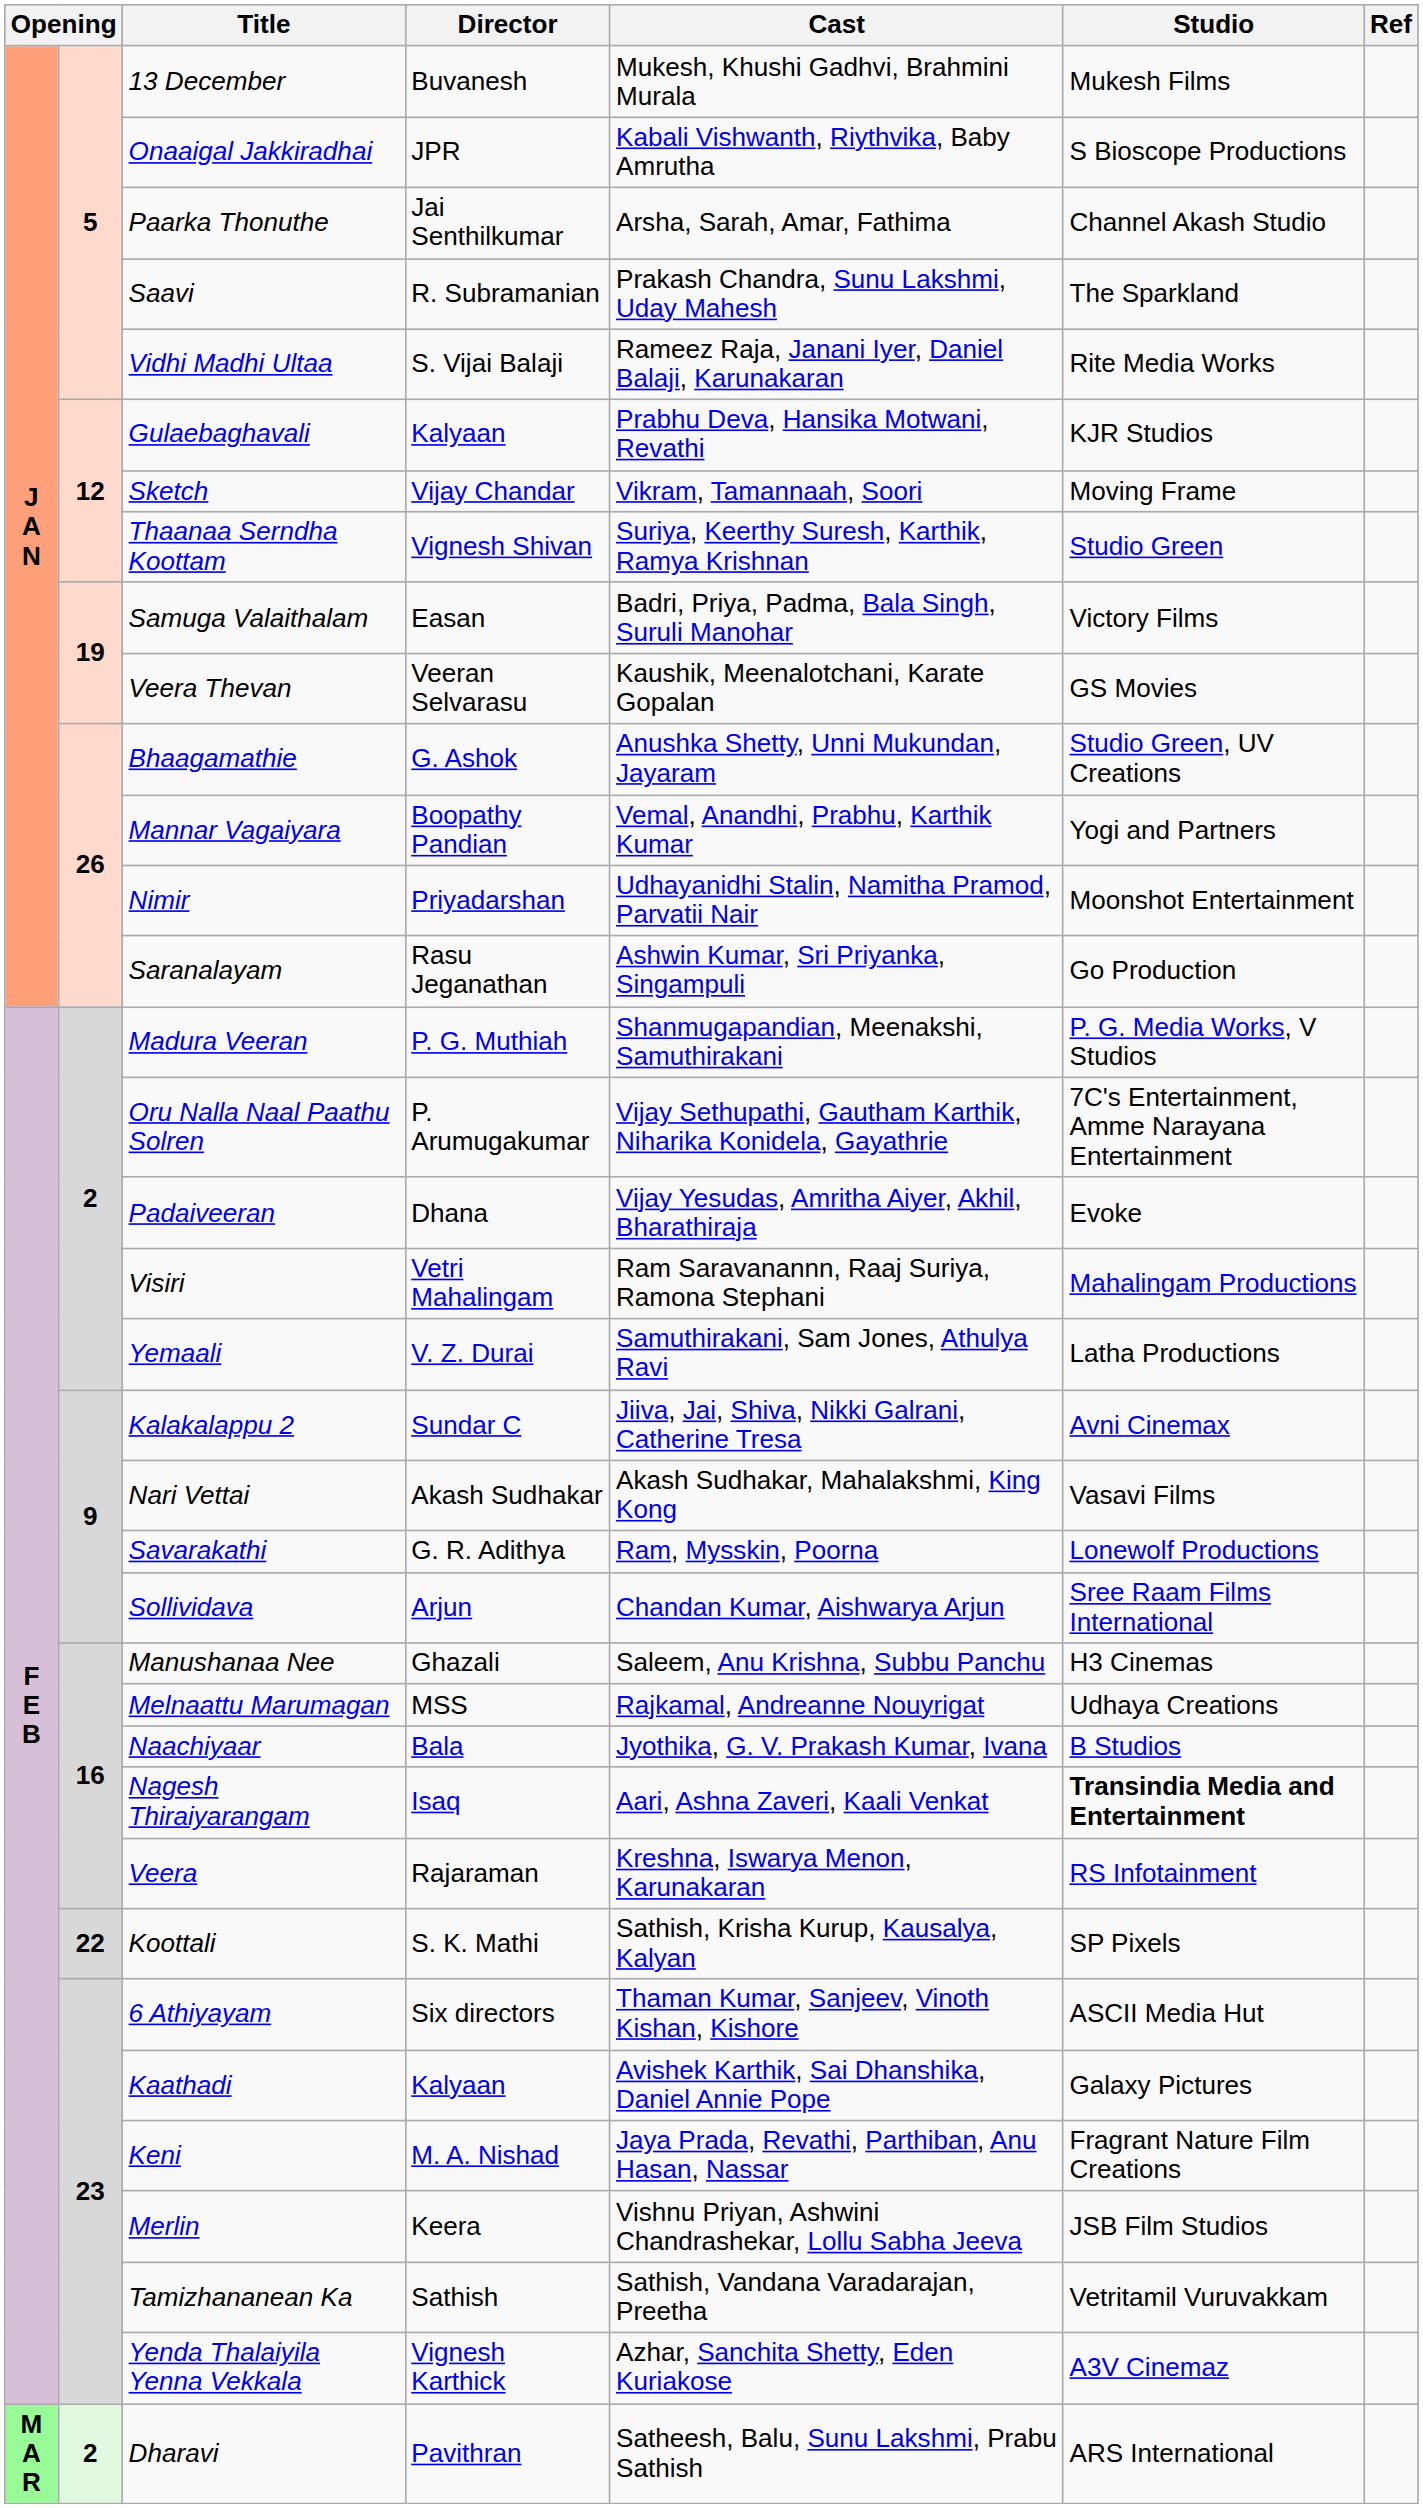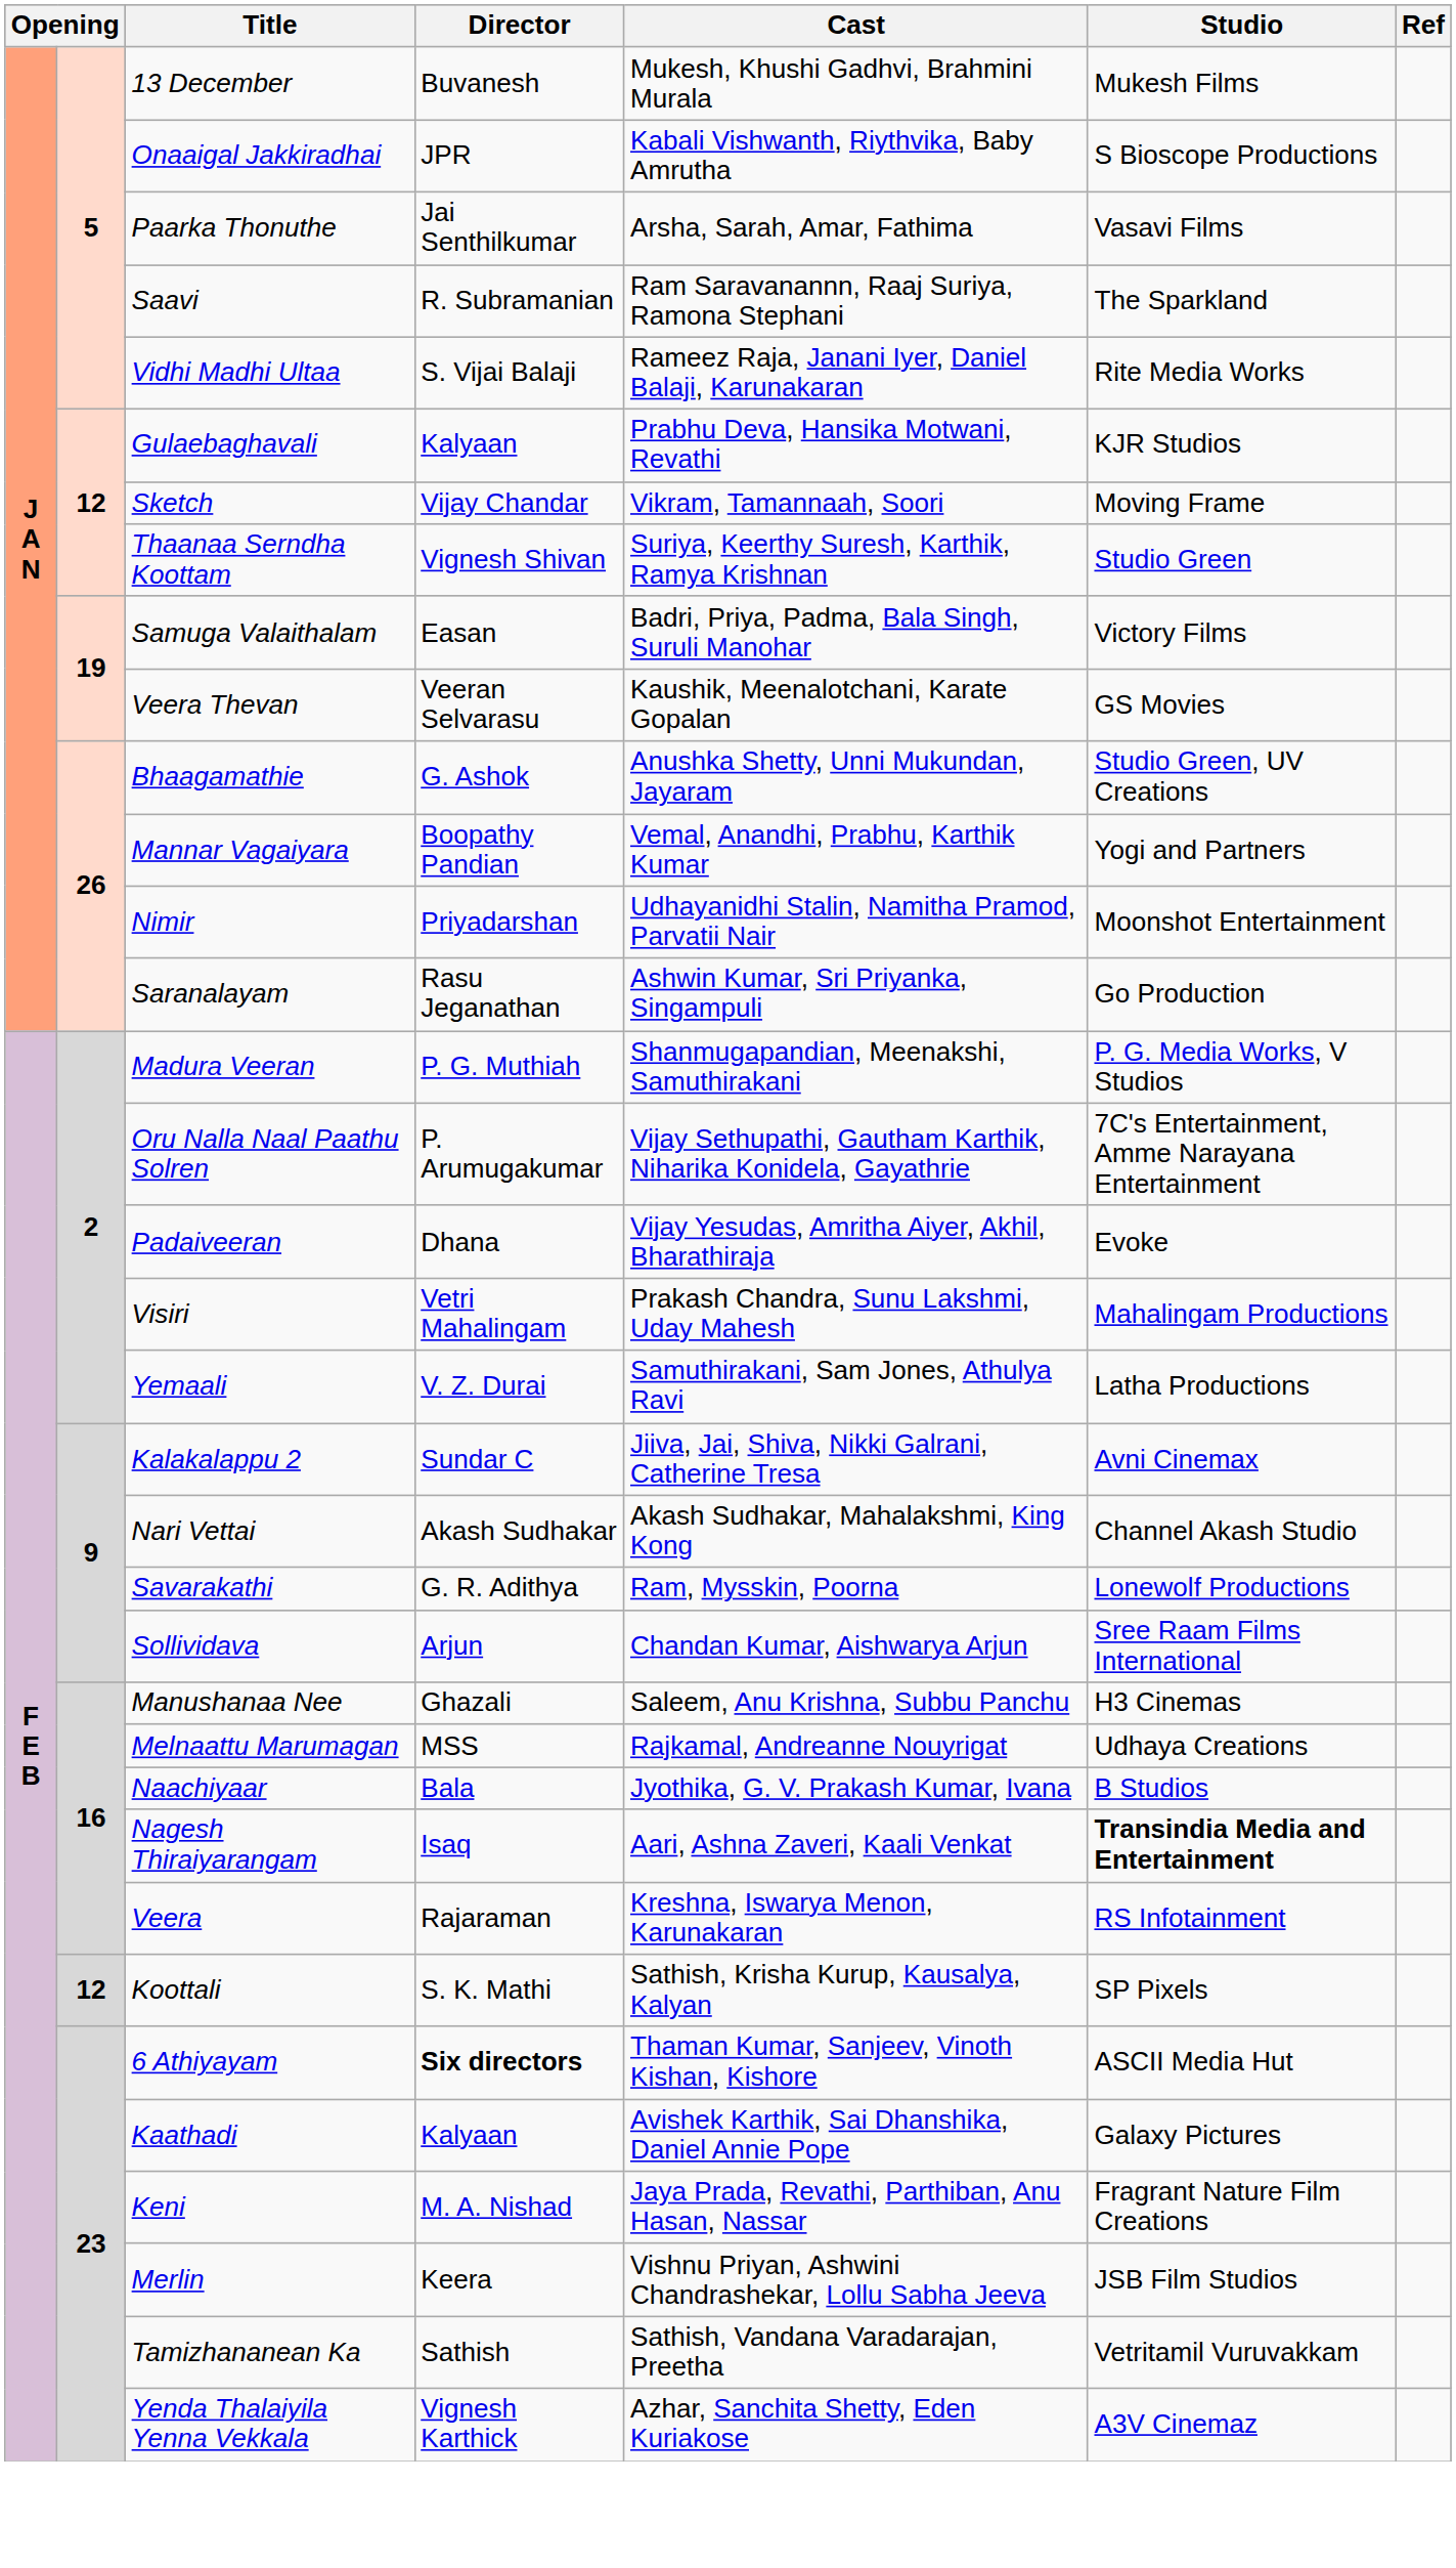 <table class="wikitable sortable">
 <tr style="background">
 <th colspan="2">Opening</th>
 <th style="width:20%;">Title</th>
 <th>Director</th>
 <th>Cast</th>
 <th>Studio</th>
 <th>Ref</th>
 </tr>
 <tr January!>
 <td rowspan="14" style="text-align:center; background:#ffa07a; textcolor:#000;"><strong>J<br>A<br>N</strong></td>
 <td rowspan="5" style="text-align:center; background:#ffdacc;"><strong>5</strong></td>
 <td><em>13 December</em></td>
 <td>Buvanesh</td>
 <td>Mukesh, Khushi Gadhvi, Brahmini Murala</td>
 <td>Mukesh Films</td>
 <td></td>
 </tr>
 <tr>
 <td><em><a href='#'>Onaaigal Jakkiradhai</a></em></td>
 <td>JPR</td>
 <td><a href='#'>Kabali Vishwanth</a>, <a href='#'>Riythvika</a>, Baby Amrutha</td>
 <td>S Bioscope Productions</td>
 <td></td>
 </tr>
 <tr>
 <td><em>Paarka Thonuthe</em></td>
 <td>Jai Senthilkumar</td>
 <td>Arsha, Sarah, Amar, Fathima</td>
-<td>Channel Akash Studio</td>
+<td>Vasavi Films</td>
 <td></td>
 </tr>
 <tr>
 <td><em>Saavi</em></td>
 <td>R. Subramanian</td>
-<td>Prakash Chandra, <a href='#'>Sunu Lakshmi</a>, <a href='#'>Uday Mahesh</a></td>
+<td>Ram Saravanannn, Raaj Suriya, Ramona Stephani</td>
 <td>The Sparkland</td>
 <td></td>
 </tr>
 <tr>
 <td><em><a href='#'>Vidhi Madhi Ultaa</a></em></td>
 <td>S. Vijai Balaji</td>
 <td>Rameez Raja, <a href='#'>Janani Iyer</a>, <a href='#'>Daniel Balaji</a>, <a href='#'>Karunakaran</a></td>
 <td>Rite Media Works</td>
 <td></td>
 </tr>
 <tr>
 <td rowspan="3" style="text-align:center; background:#ffdacc;"><strong>12</strong></td>
 <td><em><a href='#'>Gulaebaghavali</a></em></td>
 <td><a href='#'>Kalyaan</a></td>
 <td><a href='#'>Prabhu Deva</a>, <a href='#'>Hansika Motwani</a>, <a href='#'>Revathi</a></td>
 <td>KJR Studios</td>
 <td></td>
 </tr>
 <tr>
 <td><em><a href='#'>Sketch</a></em></td>
 <td><a href='#'>Vijay Chandar</a></td>
 <td><a href='#'>Vikram</a>, <a href='#'>Tamannaah</a>, <a href='#'>Soori</a></td>
 <td>Moving Frame</td>
 <td></td>
 </tr>
 <tr>
 <td><em><a href='#'>Thaanaa Serndha Koottam</a></em></td>
 <td><a href='#'>Vignesh Shivan</a></td>
 <td><a href='#'>Suriya</a>, <a href='#'>Keerthy Suresh</a>, <a href='#'>Karthik</a>, <a href='#'>Ramya Krishnan</a></td>
 <td><a href='#'>Studio Green</a></td>
 <td></td>
 </tr>
 <tr>
 <td rowspan="2" style="text-align:center; background:#ffdacc;"><strong>19</strong></td>
 <td><em>Samuga Valaithalam</em></td>
 <td>Easan</td>
 <td>Badri, Priya, Padma, <a href='#'>Bala Singh</a>, <a href='#'>Suruli Manohar</a></td>
 <td>Victory  Films</td>
 <td></td>
 </tr>
 <tr>
 <td><em>Veera Thevan</em></td>
 <td>Veeran Selvarasu</td>
 <td>Kaushik, Meenalotchani, Karate Gopalan</td>
 <td>GS Movies</td>
 <td></td>
 </tr>
 <tr>
 <td rowspan="4" style="text-align:center; background:#ffdacc;"><strong>26</strong></td>
 <td><em><a href='#'>Bhaagamathie</a></em></td>
 <td><a href='#'>G. Ashok</a></td>
 <td><a href='#'>Anushka Shetty</a>, <a href='#'>Unni Mukundan</a>, <a href='#'>Jayaram</a></td>
 <td><a href='#'>Studio Green</a>, UV Creations</td>
 <td></td>
 </tr>
 <tr>
 <td><em><a href='#'>Mannar Vagaiyara</a></em></td>
 <td><a href='#'>Boopathy Pandian</a></td>
 <td><a href='#'>Vemal</a>, <a href='#'>Anandhi</a>, <a href='#'>Prabhu</a>, <a href='#'>Karthik Kumar</a></td>
 <td>Yogi and Partners</td>
 <td></td>
 </tr>
 <tr>
 <td><em><a href='#'>Nimir</a></em></td>
 <td><a href='#'>Priyadarshan</a></td>
 <td><a href='#'>Udhayanidhi Stalin</a>, <a href='#'>Namitha Pramod</a>, <a href='#'>Parvatii Nair</a></td>
 <td>Moonshot Entertainment</td>
 <td></td>
 </tr>
 <tr>
 <td><em>Saranalayam</em></td>
 <td>Rasu Jeganathan</td>
 <td><a href='#'>Ashwin Kumar</a>, <a href='#'>Sri Priyanka</a>, <a href='#'>Singampuli</a></td>
 <td>Go Production</td>
 <td></td>
 </tr>
 <tr February !>
 <td rowspan="21" style="text-align:center; background:thistle; textcolor:#000;"><strong>F<br>E<br>B</strong></td>
 <td rowspan="5" style="text-align:center; background:#d8d8d8;"><strong>2</strong></td>
 <td><em><a href='#'>Madura Veeran</a></em></td>
 <td><a href='#'>P. G. Muthiah</a></td>
 <td><a href='#'>Shanmugapandian</a>, Meenakshi, <a href='#'>Samuthirakani</a></td>
 <td><a href='#'>P. G. Media Works</a>, V Studios</td>
 <td></td>
 </tr>
 <tr>
 <td><em><a href='#'>Oru Nalla Naal Paathu Solren</a></em></td>
 <td>P. Arumugakumar</td>
 <td><a href='#'>Vijay Sethupathi</a>, <a href='#'>Gautham Karthik</a>, <a href='#'>Niharika Konidela</a>, <a href='#'>Gayathrie</a></td>
 <td>7C's Entertainment,<br>Amme Narayana Entertainment</td>
 <td></td>
 </tr>
 <tr>
 <td><em><a href='#'>Padaiveeran</a></em></td>
 <td>Dhana</td>
 <td><a href='#'>Vijay Yesudas</a>, <a href='#'>Amritha Aiyer</a>, <a href='#'>Akhil</a>, <a href='#'>Bharathiraja</a></td>
 <td>Evoke</td>
 <td></td>
 </tr>
 <tr>
 <td><em>Visiri</em></td>
 <td><a href='#'>Vetri Mahalingam</a></td>
-<td>Ram Saravanannn, Raaj Suriya, Ramona Stephani</td>
+<td>Prakash Chandra, <a href='#'>Sunu Lakshmi</a>, <a href='#'>Uday Mahesh</a></td>
 <td><a href='#'>Mahalingam Productions</a></td>
 <td></td>
 </tr>
 <tr>
 <td><em><a href='#'>Yemaali</a></em></td>
 <td><a href='#'>V. Z. Durai</a></td>
 <td><a href='#'>Samuthirakani</a>, Sam Jones, <a href='#'>Athulya Ravi</a></td>
 <td>Latha Productions</td>
 <td></td>
 </tr>
 <tr>
 <td rowspan="4" style="text-align:center; background:#d8d8d8;"><strong>9</strong></td>
 <td><em><a href='#'>Kalakalappu 2</a></em></td>
 <td><a href='#'>Sundar C</a></td>
 <td><a href='#'>Jiiva</a>, <a href='#'>Jai</a>, <a href='#'>Shiva</a>, <a href='#'>Nikki Galrani</a>, <a href='#'>Catherine Tresa</a></td>
 <td><a href='#'>Avni Cinemax</a></td>
 <td></td>
 </tr>
 <tr>
 <td><em>Nari Vettai</em></td>
 <td>Akash Sudhakar</td>
 <td>Akash Sudhakar, Mahalakshmi, <a href='#'>King Kong</a></td>
-<td>Vasavi Films</td>
+<td>Channel Akash Studio</td>
 <td></td>
 </tr>
 <tr>
 <td><em><a href='#'>Savarakathi</a></em></td>
 <td>G. R. Adithya</td>
 <td><a href='#'>Ram</a>, <a href='#'>Mysskin</a>, <a href='#'>Poorna</a></td>
 <td><a href='#'>Lonewolf Productions</a></td>
 <td></td>
 </tr>
 <tr>
 <td><em><a href='#'>Sollividava</a></em></td>
 <td><a href='#'>Arjun</a></td>
 <td><a href='#'>Chandan Kumar</a>, <a href='#'>Aishwarya Arjun</a></td>
 <td><a href='#'>Sree Raam Films International</a></td>
 <td></td>
 </tr>
 <tr>
 <td rowspan="5" style="text-align:center; background:#d8d8d8;"><strong>16</strong></td>
 <td><em>Manushanaa Nee</em></td>
 <td>Ghazali</td>
 <td>Saleem, <a href='#'>Anu Krishna</a>, <a href='#'>Subbu Panchu</a></td>
 <td>H3 Cinemas</td>
 <td></td>
 </tr>
 <tr>
 <td><em><a href='#'>Melnaattu Marumagan</a></em></td>
 <td>MSS</td>
 <td><a href='#'>Rajkamal</a>, <a href='#'>Andreanne Nouyrigat</a></td>
 <td>Udhaya Creations</td>
 <td></td>
 </tr>
 <tr>
 <td><em><a href='#'>Naachiyaar</a></em></td>
 <td><a href='#'>Bala</a></td>
 <td><a href='#'>Jyothika</a>, <a href='#'>G. V. Prakash Kumar</a>, <a href='#'>Ivana</a></td>
 <td><a href='#'>B Studios</a></td>
 <td></td>
 </tr>
 <tr>
 <td><em><a href='#'>Nagesh Thiraiyarangam</a></em></td>
 <td><a href='#'>Isaq</a></td>
 <td><a href='#'>Aari</a>, <a href='#'>Ashna Zaveri</a>, <a href='#'>Kaali Venkat</a></td>
 <td><strong>Transindia Media and Entertainment</strong></td>
 <td></td>
 </tr>
 <tr>
 <td><em><a href='#'>Veera</a></em></td>
 <td>Rajaraman</td>
 <td><a href='#'>Kreshna</a>, <a href='#'>Iswarya Menon</a>, <a href='#'>Karunakaran</a></td>
 <td><a href='#'>RS Infotainment</a></td>
 <td></td>
 </tr>
 <tr>
-<td rowspan="1" style="text-align:center; background:#d8d8d8;"><strong>22</strong></td>
+<td rowspan="1" style="text-align:center; background:#d8d8d8;"><strong>12</strong></td>
 <td><em>Koottali</em></td>
 <td>S. K. Mathi</td>
 <td>Sathish, Krisha Kurup, <a href='#'>Kausalya</a>, <a href='#'>Kalyan</a></td>
 <td>SP Pixels</td>
 <td></td>
 </tr>
 <tr>
 <td rowspan="6" style="text-align:center; background:#d8d8d8;"><strong>23</strong></td>
 <td><em><a href='#'>6 Athiyayam</a></em></td>
-<td>Six directors</td>
+<td><strong>Six directors</strong></td>
 <td><a href='#'>Thaman Kumar</a>, <a href='#'>Sanjeev</a>, <a href='#'>Vinoth Kishan</a>, <a href='#'>Kishore</a></td>
 <td>ASCII Media Hut</td>
 <td></td>
 </tr>
 <tr>
 <td><em><a href='#'>Kaathadi</a></em></td>
 <td><a href='#'>Kalyaan</a></td>
 <td><a href='#'>Avishek Karthik</a>, <a href='#'>Sai Dhanshika</a>, <a href='#'>Daniel Annie Pope</a></td>
 <td>Galaxy Pictures</td>
 <td></td>
 </tr>
 <tr>
 <td><em><a href='#'>Keni</a></em></td>
 <td><a href='#'>M. A. Nishad</a></td>
 <td><a href='#'>Jaya Prada</a>, <a href='#'>Revathi</a>, <a href='#'>Parthiban</a>, <a href='#'>Anu Hasan</a>, <a href='#'>Nassar</a></td>
 <td>Fragrant Nature Film Creations</td>
 <td></td>
 </tr>
 <tr>
 <td><em><a href='#'>Merlin</a></em></td>
 <td>Keera</td>
 <td>Vishnu Priyan, Ashwini Chandrashekar, <a href='#'>Lollu Sabha Jeeva</a></td>
 <td>JSB Film Studios</td>
 <td></td>
 </tr>
 <tr>
 <td><em>Tamizhananean Ka</em></td>
 <td>Sathish</td>
 <td>Sathish, Vandana Varadarajan, Preetha</td>
 <td>Vetritamil Vuruvakkam</td>
 <td></td>
 </tr>
 <tr>
 <td><em><a href='#'>Yenda Thalaiyila Yenna Vekkala</a></em></td>
 <td><a href='#'>Vignesh Karthick</a></td>
 <td>Azhar, <a href='#'>Sanchita Shetty</a>, <a href='#'>Eden Kuriakose</a></td>
 <td><a href='#'>A3V Cinemaz</a></td>
 <td></td>
 </tr>
-<tr March !>
-<td rowspan="1" style="text-align:center; background:#98fb98; textcolor:#000;"><strong>M<br>A<br>R</strong></td>
-<td rowspan="1" style="text-align:center; background:#e0f9e0;"><strong>2</strong></td>
-<td><em>Dharavi</em></td>
-<td><a href='#'>Pavithran</a></td>
-<td>Satheesh, Balu, <a href='#'>Sunu Lakshmi</a>, Prabu Sathish</td>
-<td>ARS International</td>
-<td></td>
-</tr>
 </table>
